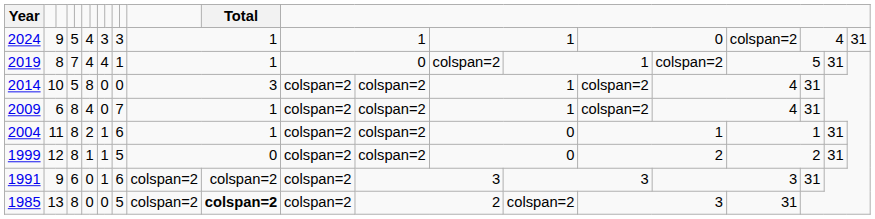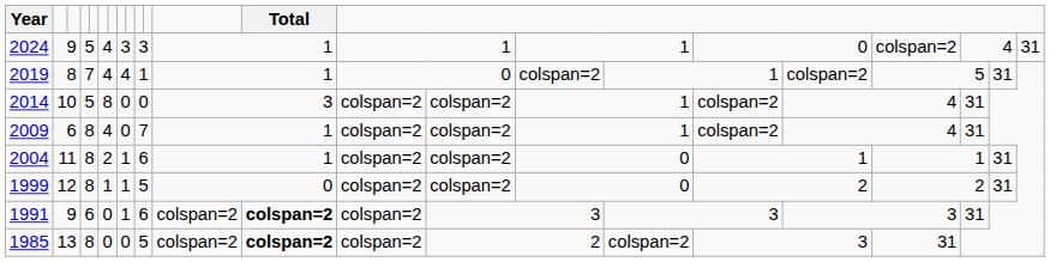 <table class="wikitable" style="text-align:right; padding-left:1em">
 <tr>
 <th align="left">Year</th>
 <td></td>
 <td></td>
 <td></td>
 <td></td>
 <td></td>
 <td></td>
 <td></td>
 <td></td>
 <td></td>
 <td></td>
 <td></td>
 <th align="left">Total</th>
 </tr>
 <tr>
 <td align=left><a href='#'>2024</a></td>
 <td colspan=2>9</td>
 <td colspan=2>5</td>
 <td colspan=2>4</td>
 <td colspan=2>3</td>
 <td colspan=2>3</td>
 <td colspan=2>1</td>
 <td colspan=2>1</td>
 <td colspan=2>1</td>
 <td colspan=2>0</td>
 <td>colspan=2 </td>
 <td colspan=2>4</td>
 <td>31</td>
 </tr>
 <tr>
 <td align=left><a href='#'>2019</a></td>
 <td colspan=2>8</td>
 <td colspan=2>7</td>
 <td colspan=2>4</td>
 <td colspan=2>4</td>
 <td colspan=2>1</td>
 <td colspan=2>1</td>
 <td colspan=2>0</td>
 <td>colspan=2 </td>
 <td colspan=2>1</td>
 <td>colspan=2 </td>
 <td colspan=2>5</td>
 <td>31</td>
 </tr>
 <tr>
 <td align=left><a href='#'>2014</a></td>
 <td colspan=2>10</td>
 <td colspan=2>5</td>
 <td colspan=2>8</td>
 <td colspan=2>0</td>
 <td colspan=2>0</td>
 <td colspan=2>3</td>
 <td>colspan=2 </td>
 <td>colspan=2 </td>
 <td colspan=2>1</td>
 <td>colspan=2 </td>
 <td colspan=2>4</td>
 <td>31</td>
 </tr>
 <tr>
 <td align=left><a href='#'>2009</a></td>
 <td colspan=2>6</td>
 <td colspan=2>8</td>
 <td colspan=2>4</td>
 <td colspan=2>0</td>
 <td colspan=2>7</td>
 <td colspan=2>1</td>
 <td>colspan=2 </td>
 <td>colspan=2 </td>
 <td colspan=2>1</td>
 <td>colspan=2 </td>
 <td colspan=2>4</td>
 <td>31</td>
 </tr>
 <tr>
 <td align=left><a href='#'>2004</a></td>
 <td colspan=2>11</td>
 <td colspan=2>8</td>
 <td colspan=2>2</td>
 <td colspan=2>1</td>
 <td colspan=2>6</td>
 <td colspan=2>1</td>
 <td>colspan=2 </td>
 <td>colspan=2 </td>
 <td colspan=2>0</td>
 <td colspan=2>1</td>
 <td colspan=2>1</td>
 <td>31</td>
 </tr>
 <tr>
 <td align=left><a href='#'>1999</a></td>
 <td colspan=2>12</td>
 <td colspan=2>8</td>
 <td colspan=2>1</td>
 <td colspan=2>1</td>
 <td colspan=2>5</td>
 <td colspan=2>0</td>
 <td>colspan=2 </td>
 <td>colspan=2 </td>
 <td colspan=2>0</td>
 <td colspan=2>2</td>
 <td colspan=2>2</td>
 <td>31</td>
 </tr>
 <tr>
 <td align=left><a href='#'>1991</a></td>
 <td colspan=2>9</td>
 <td colspan=2>6</td>
 <td colspan=2>0</td>
 <td colspan=2>1</td>
 <td colspan=2>6</td>
 <td>colspan=2 </td>
-<td>colspan=2 </td>
+<td><strong>colspan=2 </strong></td>
 <td>colspan=2 </td>
 <td colspan=2>3</td>
 <td colspan=2>3</td>
 <td colspan=2>3</td>
 <td>31</td>
 </tr>
 <tr>
 <td align=left><a href='#'>1985</a></td>
 <td colspan=2>13</td>
 <td colspan=2>8</td>
 <td colspan=2>0</td>
 <td colspan=2>0</td>
 <td colspan=2>5</td>
 <td>colspan=2 </td>
 <td><strong>colspan=2 </strong></td>
 <td>colspan=2 </td>
 <td colspan=2>2</td>
 <td>colspan=2 </td>
 <td colspan=2>3</td>
 <td>31</td>
 </tr>
 </table>
